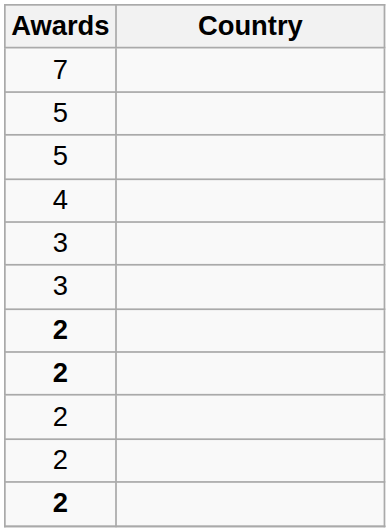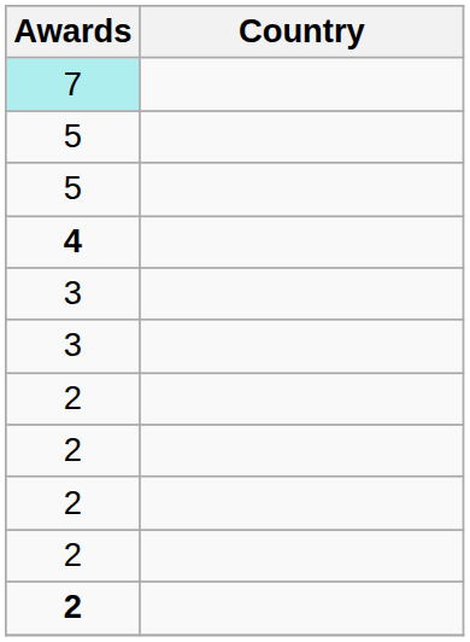 <table class="wikitable" style="text-align:center;">
 <tr>
 <th scope="col" width="50">Awards</th>
 <th scope="col" width="150">Country</th>
 </tr>
 <tr>
-<td>7</td>
+<td style="background: paleturquoise;">7</td>
 <td></td>
 </tr>
 <tr>
 <td>5</td>
 <td></td>
 </tr>
 <tr>
 <td>5</td>
 <td></td>
 </tr>
 <tr>
-<td>4</td>
+<td><strong>4</strong></td>
 <td></td>
 </tr>
 <tr>
 <td>3</td>
 <td></td>
 </tr>
 <tr>
 <td>3</td>
 <td></td>
 </tr>
 <tr>
-<td><strong>2</strong></td>
+<td>2</td>
 <td></td>
 </tr>
 <tr>
-<td><strong>2</strong></td>
+<td>2</td>
 <td></td>
 </tr>
 <tr>
 <td>2</td>
 <td></td>
 </tr>
 <tr>
 <td>2</td>
 <td></td>
 </tr>
 <tr>
 <td><strong>2</strong></td>
 <td></td>
 </tr>
 <tr>
 </tr>
 </table>
